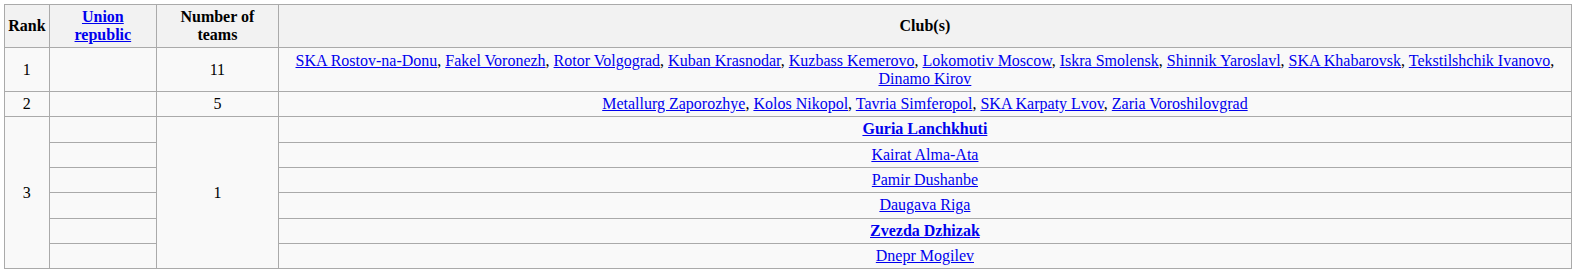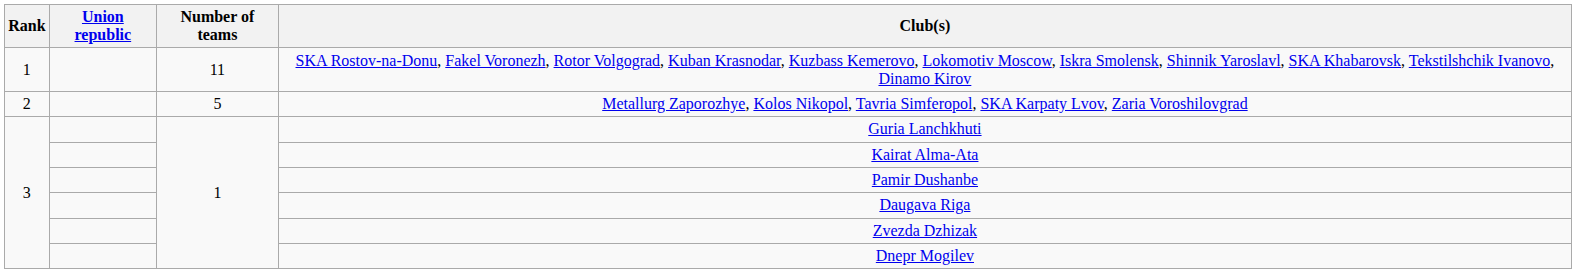 <table class="wikitable">
 <tr>
 <th>Rank</th>
 <th><a href='#'>Union republic</a></th>
 <th>Number of teams</th>
 <th>Club(s)</th>
 </tr>
 <tr>
 <td align="center">1</td>
 <td></td>
 <td align="center">11</td>
 <td align="center"><a href='#'>SKA Rostov-na-Donu</a>, <a href='#'>Fakel Voronezh</a>, <a href='#'>Rotor Volgograd</a>, <a href='#'>Kuban Krasnodar</a>, <a href='#'>Kuzbass Kemerovo</a>, <a href='#'>Lokomotiv Moscow</a>, <a href='#'>Iskra Smolensk</a>, <a href='#'>Shinnik Yaroslavl</a>, <a href='#'>SKA Khabarovsk</a>, <a href='#'>Tekstilshchik Ivanovo</a>, <a href='#'>Dinamo Kirov</a></td>
 </tr>
 <tr>
 <td align="center">2</td>
 <td></td>
 <td align="center">5</td>
 <td align="center"><a href='#'>Metallurg Zaporozhye</a>, <a href='#'>Kolos Nikopol</a>, <a href='#'>Tavria Simferopol</a>, <a href='#'>SKA Karpaty Lvov</a>, <a href='#'>Zaria Voroshilovgrad</a></td>
 </tr>
 <tr>
 <td align="center" rowspan=6>3</td>
 <td></td>
 <td align="center" rowspan=6>1</td>
-<td align="center"><strong><a href='#'>Guria Lanchkhuti</a></strong></td>
+<td align="center"><a href='#'>Guria Lanchkhuti</a></td>
 </tr>
 <tr>
 <td></td>
 <td align="center"><a href='#'>Kairat Alma-Ata</a></td>
 </tr>
 <tr>
 <td></td>
 <td align="center"><a href='#'>Pamir Dushanbe</a></td>
 </tr>
 <tr>
 <td></td>
 <td align="center"><a href='#'>Daugava Riga</a></td>
 </tr>
 <tr>
 <td></td>
-<td align="center"><strong><a href='#'>Zvezda Dzhizak</a></strong></td>
+<td align="center"><a href='#'>Zvezda Dzhizak</a></td>
 </tr>
 <tr>
 <td></td>
 <td align="center"><a href='#'>Dnepr Mogilev</a></td>
 </tr>
 <tr>
 </tr>
 </table>
